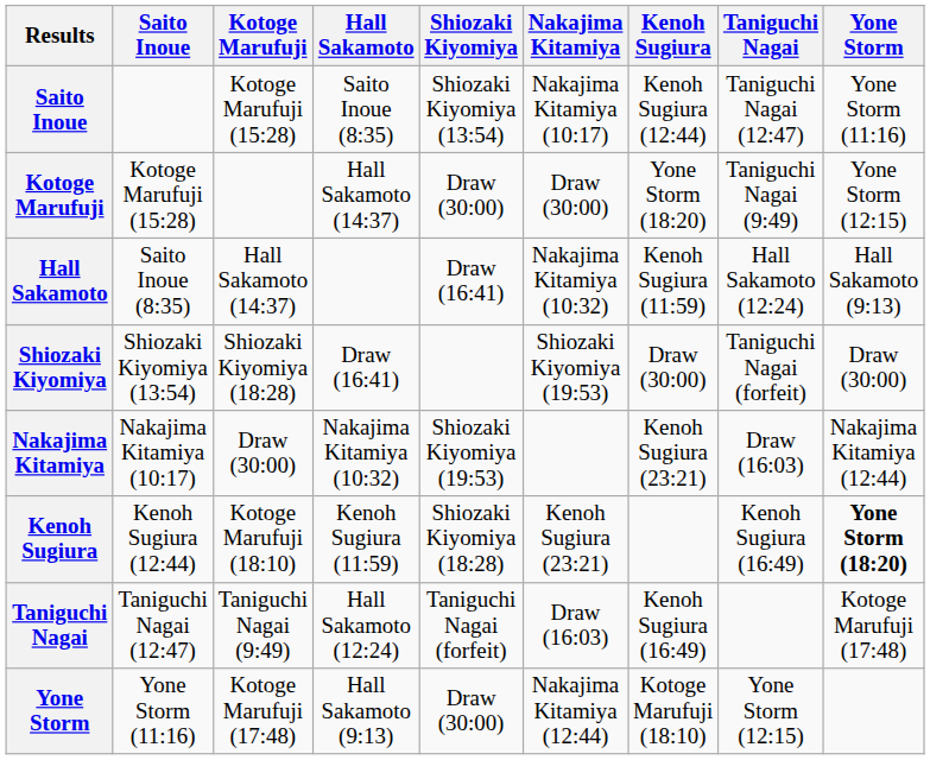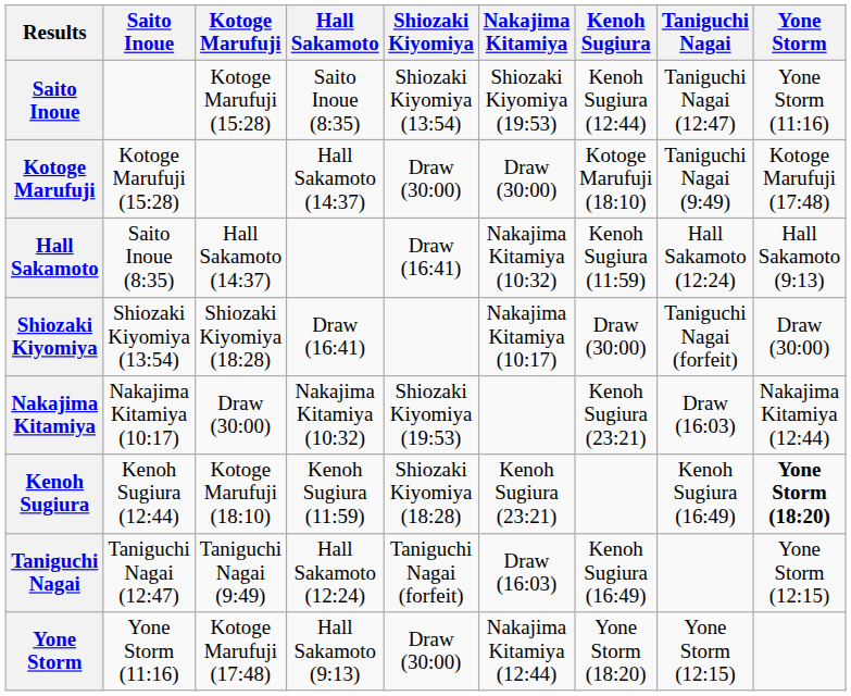 <table class="wikitable" style="margin: 1em auto 1em auto;text-align:center">
 <tr>
 <th>Results</th>
 <th><a href='#'>Saito</a><br><a href='#'>Inoue</a></th>
 <th><a href='#'>Kotoge</a><br><a href='#'>Marufuji</a></th>
 <th><a href='#'>Hall</a><br><a href='#'>Sakamoto</a></th>
 <th><a href='#'>Shiozaki</a><br><a href='#'>Kiyomiya</a></th>
 <th><a href='#'>Nakajima</a><br><a href='#'>Kitamiya</a></th>
 <th><a href='#'>Kenoh</a><br><a href='#'>Sugiura</a></th>
 <th><a href='#'>Taniguchi</a><br><a href='#'>Nagai</a></th>
 <th><a href='#'>Yone</a><br><a href='#'>Storm</a></th>
 </tr>
 <tr>
 <th><a href='#'>Saito</a><br><a href='#'>Inoue</a></th>
 <td></td>
 <td>Kotoge<br>Marufuji<br>(15:28)</td>
 <td>Saito<br>Inoue<br>(8:35)</td>
 <td>Shiozaki<br>Kiyomiya<br>(13:54)</td>
-<td>Nakajima<br>Kitamiya<br>(10:17)</td>
+<td>Shiozaki<br>Kiyomiya<br>(19:53)</td>
 <td>Kenoh<br>Sugiura<br>(12:44)</td>
 <td>Taniguchi<br>Nagai<br>(12:47)</td>
 <td>Yone<br>Storm<br>(11:16)</td>
 </tr>
 <tr>
 <th><a href='#'>Kotoge</a><br><a href='#'>Marufuji</a></th>
 <td>Kotoge<br>Marufuji<br>(15:28)</td>
 <td></td>
 <td>Hall<br>Sakamoto<br>(14:37)</td>
 <td>Draw<br>(30:00)</td>
 <td>Draw<br>(30:00)</td>
-<td>Yone<br>Storm<br>(18:20)</td>
+<td>Kotoge<br>Marufuji<br>(18:10)</td>
 <td>Taniguchi<br>Nagai<br>(9:49)</td>
-<td>Yone<br>Storm<br>(12:15)</td>
+<td>Kotoge<br>Marufuji<br>(17:48)</td>
 </tr>
 <tr>
 <th><a href='#'>Hall</a><br><a href='#'>Sakamoto</a></th>
 <td>Saito<br>Inoue<br>(8:35)</td>
 <td>Hall<br>Sakamoto<br>(14:37)</td>
 <td></td>
 <td>Draw<br>(16:41)</td>
 <td>Nakajima<br>Kitamiya<br>(10:32)</td>
 <td>Kenoh<br>Sugiura<br>(11:59)</td>
 <td>Hall<br>Sakamoto<br>(12:24)</td>
 <td>Hall<br>Sakamoto<br>(9:13)</td>
 </tr>
 <tr>
 <th><a href='#'>Shiozaki</a><br><a href='#'>Kiyomiya</a></th>
 <td>Shiozaki<br>Kiyomiya<br>(13:54)</td>
 <td>Shiozaki<br>Kiyomiya<br>(18:28)</td>
 <td>Draw<br>(16:41)</td>
 <td></td>
-<td>Shiozaki<br>Kiyomiya<br>(19:53)</td>
+<td>Nakajima<br>Kitamiya<br>(10:17)</td>
 <td>Draw<br>(30:00)</td>
 <td>Taniguchi<br>Nagai<br>(forfeit)</td>
 <td>Draw<br>(30:00)</td>
 </tr>
 <tr>
 <th><a href='#'>Nakajima</a><br><a href='#'>Kitamiya</a></th>
 <td>Nakajima<br>Kitamiya<br>(10:17)</td>
 <td>Draw<br>(30:00)</td>
 <td>Nakajima<br>Kitamiya<br>(10:32)</td>
 <td>Shiozaki<br>Kiyomiya<br>(19:53)</td>
 <td></td>
 <td>Kenoh<br>Sugiura<br>(23:21)</td>
 <td>Draw<br>(16:03)</td>
 <td>Nakajima<br>Kitamiya<br>(12:44)</td>
 </tr>
 <tr>
 <th><a href='#'>Kenoh</a><br><a href='#'>Sugiura</a></th>
 <td>Kenoh<br>Sugiura<br>(12:44)</td>
 <td>Kotoge<br>Marufuji<br>(18:10)</td>
 <td>Kenoh<br>Sugiura<br>(11:59)</td>
 <td>Shiozaki<br>Kiyomiya<br>(18:28)</td>
 <td>Kenoh<br>Sugiura<br>(23:21)</td>
 <td></td>
 <td>Kenoh<br>Sugiura<br>(16:49)</td>
 <td><strong>Yone<br>Storm<br>(18:20)</strong></td>
 </tr>
 <tr>
 <th><a href='#'>Taniguchi</a><br><a href='#'>Nagai</a></th>
 <td>Taniguchi<br>Nagai<br>(12:47)</td>
 <td>Taniguchi<br>Nagai<br>(9:49)</td>
 <td>Hall<br>Sakamoto<br>(12:24)</td>
 <td>Taniguchi<br>Nagai<br>(forfeit)</td>
 <td>Draw<br>(16:03)</td>
 <td>Kenoh<br>Sugiura<br>(16:49)</td>
 <td></td>
-<td>Kotoge<br>Marufuji<br>(17:48)</td>
+<td>Yone<br>Storm<br>(12:15)</td>
 </tr>
 <tr>
 <th><a href='#'>Yone</a><br><a href='#'>Storm</a></th>
 <td>Yone<br>Storm<br>(11:16)</td>
 <td>Kotoge<br>Marufuji<br>(17:48)</td>
 <td>Hall<br>Sakamoto<br>(9:13)</td>
 <td>Draw<br>(30:00)</td>
 <td>Nakajima<br>Kitamiya<br>(12:44)</td>
-<td>Kotoge<br>Marufuji<br>(18:10)</td>
+<td>Yone<br>Storm<br>(18:20)</td>
 <td>Yone<br>Storm<br>(12:15)</td>
 <td></td>
 </tr>
 </table>
